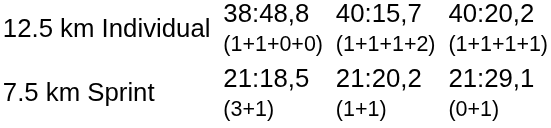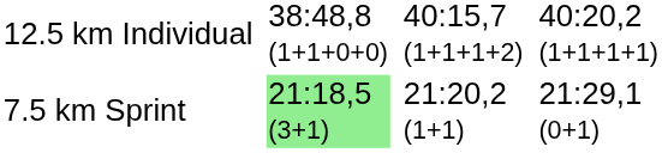 <table>
 <tr>
 <td>12.5 km Individual</td>
 <td></td>
 <td>38:48,8<br><small>(1+1+0+0)</small></td>
 <td></td>
 <td>40:15,7<br><small>(1+1+1+2)</small></td>
 <td></td>
 <td>40:20,2<br><small>(1+1+1+1)</small></td>
 </tr>
 <tr>
 <td>7.5 km Sprint</td>
 <td></td>
-<td>21:18,5<br><small>(3+1)</small></td>
+<td style="background: lightgreen;">21:18,5<br><small>(3+1)</small></td>
 <td></td>
 <td>21:20,2<br><small>(1+1)</small></td>
 <td></td>
 <td>21:29,1<br><small>(0+1)</small></td>
 </tr>
 </table>
